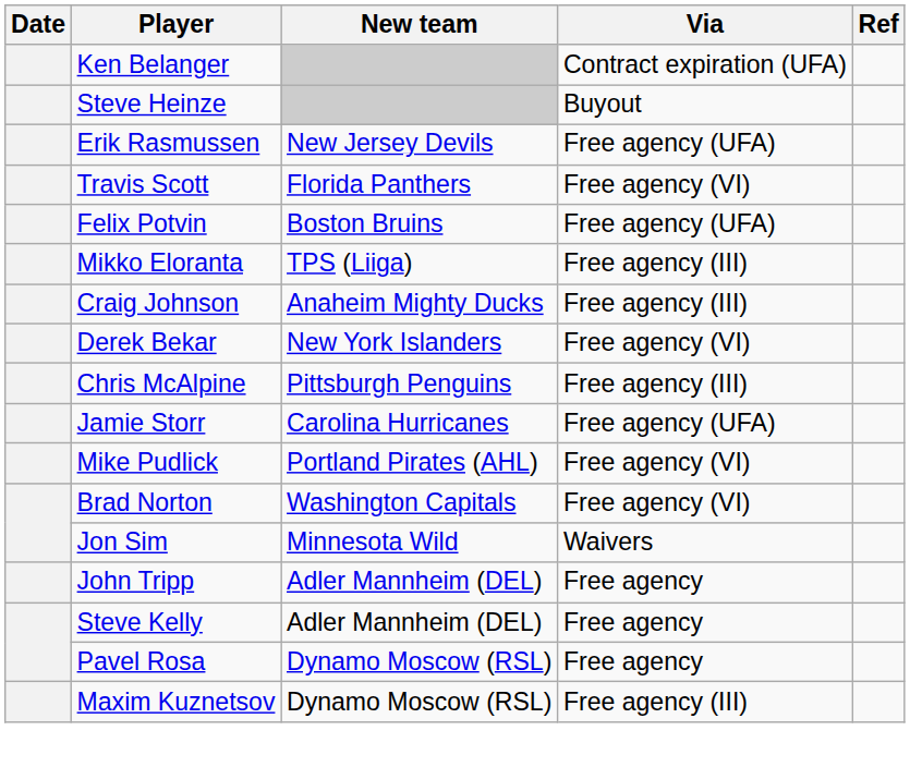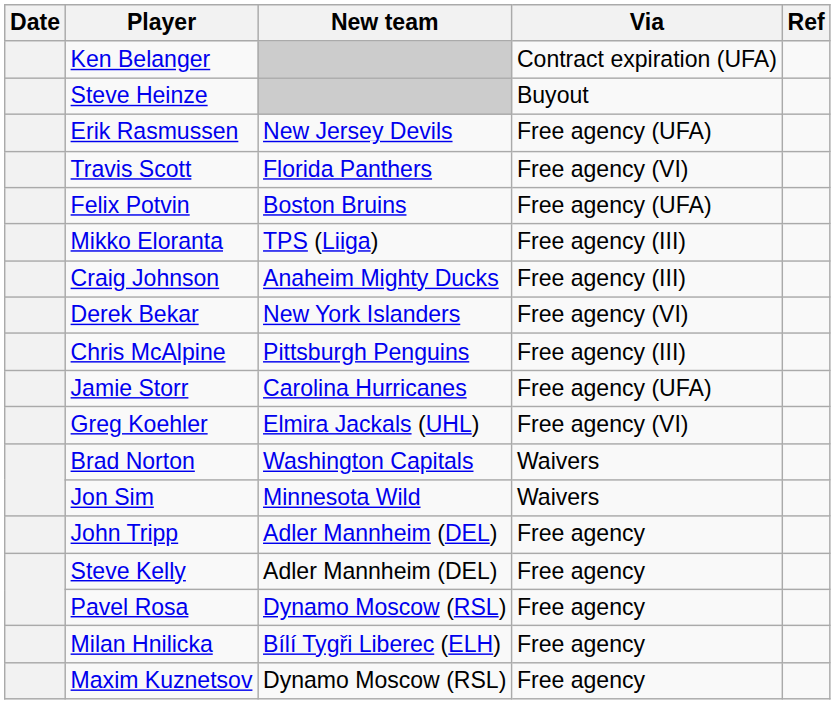 <table class="wikitable plainrowheaders">
 <tr style="background:#ddd; text-align:center;">
 <th>Date</th>
 <th>Player</th>
 <th>New team</th>
 <th>Via</th>
 <th>Ref</th>
 </tr>
 <tr>
 <th scope="row"></th>
 <td><a href='#'>Ken Belanger</a></td>
 <td style="background:#ccc"></td>
 <td>Contract expiration (UFA)</td>
 <td></td>
 </tr>
 <tr>
 <th scope="row"></th>
 <td><a href='#'>Steve Heinze</a></td>
 <td style="background:#ccc"></td>
 <td>Buyout</td>
 <td></td>
 </tr>
 <tr>
 <th scope="row"></th>
 <td><a href='#'>Erik Rasmussen</a></td>
 <td><a href='#'>New Jersey Devils</a></td>
 <td>Free agency (UFA)</td>
 <td></td>
 </tr>
 <tr>
 <th scope="row"></th>
 <td><a href='#'>Travis Scott</a></td>
 <td><a href='#'>Florida Panthers</a></td>
 <td>Free agency (VI)</td>
 <td></td>
 </tr>
 <tr>
 <th scope="row"></th>
 <td><a href='#'>Felix Potvin</a></td>
 <td><a href='#'>Boston Bruins</a></td>
 <td>Free agency (UFA)</td>
 <td></td>
 </tr>
 <tr>
 <th scope="row"></th>
 <td><a href='#'>Mikko Eloranta</a></td>
 <td><a href='#'>TPS</a> (<a href='#'>Liiga</a>)</td>
 <td>Free agency (III)</td>
 <td></td>
 </tr>
 <tr>
 <th scope="row"></th>
 <td><a href='#'>Craig Johnson</a></td>
 <td><a href='#'>Anaheim Mighty Ducks</a></td>
 <td>Free agency (III)</td>
 <td></td>
 </tr>
 <tr>
 <th scope="row"></th>
 <td><a href='#'>Derek Bekar</a></td>
 <td><a href='#'>New York Islanders</a></td>
 <td>Free agency (VI)</td>
 <td></td>
 </tr>
 <tr>
 <th scope="row"></th>
 <td><a href='#'>Chris McAlpine</a></td>
 <td><a href='#'>Pittsburgh Penguins</a></td>
 <td>Free agency (III)</td>
 <td></td>
 </tr>
 <tr>
 <th scope="row"></th>
 <td><a href='#'>Jamie Storr</a></td>
 <td><a href='#'>Carolina Hurricanes</a></td>
 <td>Free agency (UFA)</td>
 <td></td>
 </tr>
 <tr>
 <th scope="row"></th>
-<td><a href='#'>Mike Pudlick</a></td>
-<td><a href='#'>Portland Pirates</a> (<a href='#'>AHL</a>)</td>
+<td><a href='#'>Greg Koehler</a></td>
+<td><a href='#'>Elmira Jackals</a> (<a href='#'>UHL</a>)</td>
 <td>Free agency (VI)</td>
 <td></td>
 </tr>
 <tr>
 <th scope="row" rowspan=2></th>
 <td><a href='#'>Brad Norton</a></td>
 <td><a href='#'>Washington Capitals</a></td>
-<td>Free agency (VI)</td>
+<td>Waivers</td>
 <td></td>
 </tr>
 <tr>
 <td><a href='#'>Jon Sim</a></td>
 <td><a href='#'>Minnesota Wild</a></td>
 <td>Waivers</td>
 <td></td>
 </tr>
 <tr>
 <th scope="row"></th>
 <td><a href='#'>John Tripp</a></td>
 <td><a href='#'>Adler Mannheim</a> (<a href='#'>DEL</a>)</td>
 <td>Free agency</td>
 <td></td>
 </tr>
 <tr>
 <th scope="row" rowspan=2></th>
 <td><a href='#'>Steve Kelly</a></td>
 <td>Adler Mannheim (DEL)</td>
 <td>Free agency</td>
 <td></td>
 </tr>
 <tr>
 <td><a href='#'>Pavel Rosa</a></td>
 <td><a href='#'>Dynamo Moscow</a> (<a href='#'>RSL</a>)</td>
 <td>Free agency</td>
 <td></td>
 </tr>
 <tr>
 <th scope="row"></th>
+<td><a href='#'>Milan Hnilicka</a></td>
+<td><a href='#'>Bílí Tygři Liberec</a> (<a href='#'>ELH</a>)</td>
+<td>Free agency</td>
+<td></td>
+</tr>
+<tr>
+<th scope="row"></th>
 <td><a href='#'>Maxim Kuznetsov</a></td>
 <td>Dynamo Moscow (RSL)</td>
-<td>Free agency (III)</td>
+<td>Free agency</td>
 <td></td>
 </tr>
 </table>
